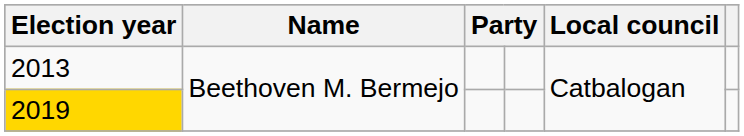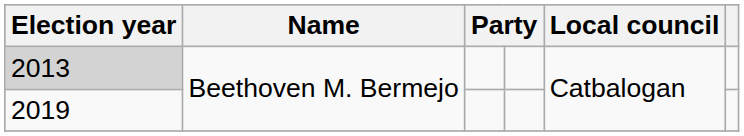 <table class="wikitable">
 <tr>
 <th>Election year</th>
 <th>Name</th>
 <th colspan="2">Party</th>
 <th>Local council</th>
 <th></th>
 </tr>
 <tr>
-<td>2013</td>
+<td style="background: lightgrey;">2013</td>
 <td rowspan="2">Beethoven M. Bermejo</td>
 <td></td>
 <td></td>
 <td rowspan="2">Catbalogan</td>
 <td></td>
 </tr>
 <tr>
-<td style="background: gold;">2019</td>
+<td>2019</td>
 <td></td>
 <td></td>
 </tr>
 </table>
